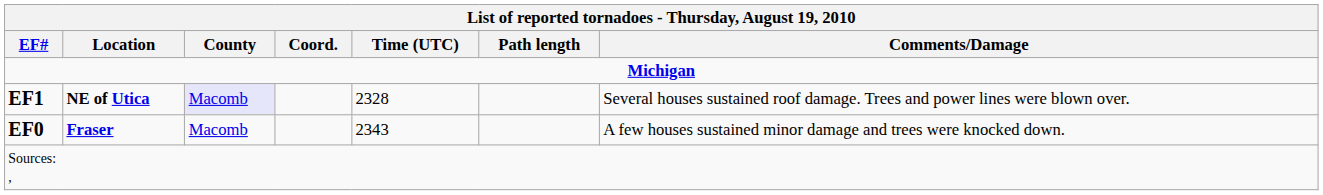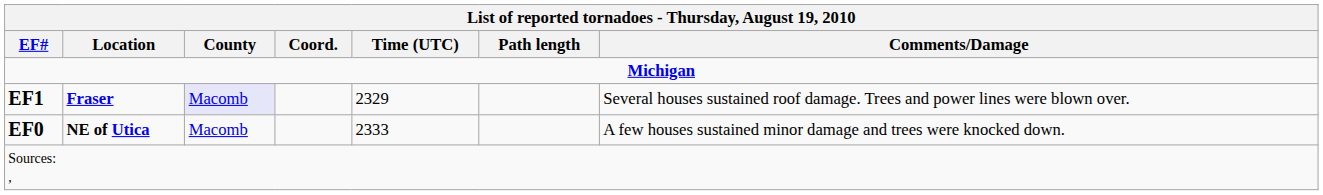 <table class="wikitable collapsible" width="100%">
 <tr>
 <th colspan="7">List of reported tornadoes - Thursday, August 19, 2010</th>
 </tr>
 <tr>
 <th><a href='#'>EF#</a></th>
 <th>Location</th>
 <th>County</th>
 <th>Coord.</th>
 <th>Time (UTC)</th>
 <th>Path length</th>
 <th>Comments/Damage</th>
 </tr>
 <tr>
 <td colspan="7" align=center><strong><a href='#'>Michigan</a></strong></td>
 </tr>
 <tr>
 <td><big><strong>EF1</strong></big></td>
-<td><strong>NE of <a href='#'>Utica</a></strong></td>
+<td><strong><a href='#'>Fraser</a></strong></td>
 <td style="background: lavender;"><a href='#'>Macomb</a></td>
 <td></td>
-<td>2328</td>
+<td>2329</td>
 <td></td>
 <td>Several houses sustained roof damage. Trees and power lines were blown over.</td>
 </tr>
 <tr>
 <td><big><strong>EF0</strong></big></td>
-<td><strong><a href='#'>Fraser</a></strong></td>
+<td><strong>NE of <a href='#'>Utica</a></strong></td>
 <td><a href='#'>Macomb</a></td>
 <td></td>
-<td>2343</td>
+<td>2333</td>
 <td></td>
 <td>A few houses sustained minor damage and trees were knocked down.</td>
 </tr>
 <tr>
 <td colspan="7"><small>Sources:<br>, </small></td>
 </tr>
 </table>
